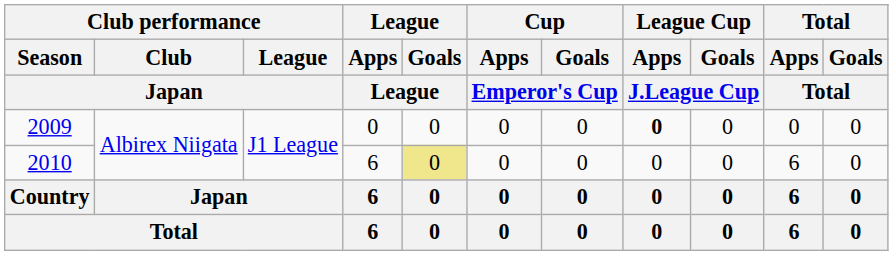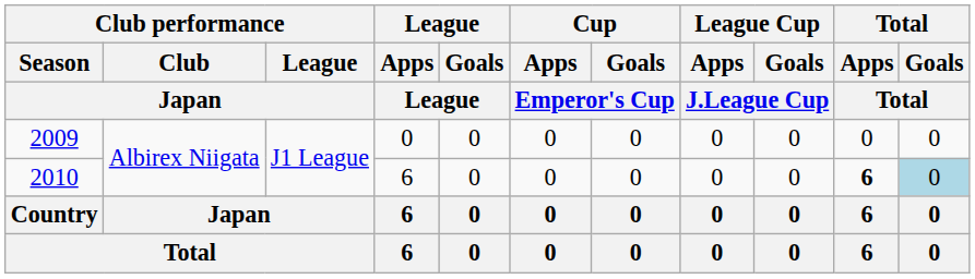 <table class="wikitable" style="text-align:center;">
 <tr>
 <th colspan=3>Club performance</th>
 <th colspan=2>League</th>
 <th colspan=2>Cup</th>
 <th colspan=2>League Cup</th>
 <th colspan=2>Total</th>
 </tr>
 <tr>
 <th>Season</th>
 <th>Club</th>
 <th>League</th>
 <th>Apps</th>
 <th>Goals</th>
 <th>Apps</th>
 <th>Goals</th>
 <th>Apps</th>
 <th>Goals</th>
 <th>Apps</th>
 <th>Goals</th>
 </tr>
 <tr>
 <th colspan=3>Japan</th>
 <th colspan=2>League</th>
 <th colspan=2><a href='#'>Emperor's Cup</a></th>
 <th colspan=2><a href='#'>J.League Cup</a></th>
 <th colspan=2>Total</th>
 </tr>
 <tr>
 <td><a href='#'>2009</a></td>
 <td rowspan="2"><a href='#'>Albirex Niigata</a></td>
 <td rowspan="2"><a href='#'>J1 League</a></td>
 <td>0</td>
 <td>0</td>
 <td>0</td>
 <td>0</td>
-<td><strong>0</strong></td>
+<td>0</td>
 <td>0</td>
 <td>0</td>
 <td>0</td>
 </tr>
 <tr>
 <td><a href='#'>2010</a></td>
 <td>6</td>
-<td style="background: khaki;">0</td>
 <td>0</td>
 <td>0</td>
 <td>0</td>
 <td>0</td>
-<td>6</td>
 <td>0</td>
+<td><strong>6</strong></td>
+<td style="background: lightblue;">0</td>
 </tr>
 <tr>
 <th rowspan=1>Country</th>
 <th colspan=2>Japan</th>
 <th>6</th>
 <th>0</th>
 <th>0</th>
 <th>0</th>
 <th>0</th>
 <th>0</th>
 <th>6</th>
 <th>0</th>
 </tr>
 <tr>
 <th colspan=3>Total</th>
 <th>6</th>
 <th>0</th>
 <th>0</th>
 <th>0</th>
 <th>0</th>
 <th>0</th>
 <th>6</th>
 <th>0</th>
 </tr>
 </table>
